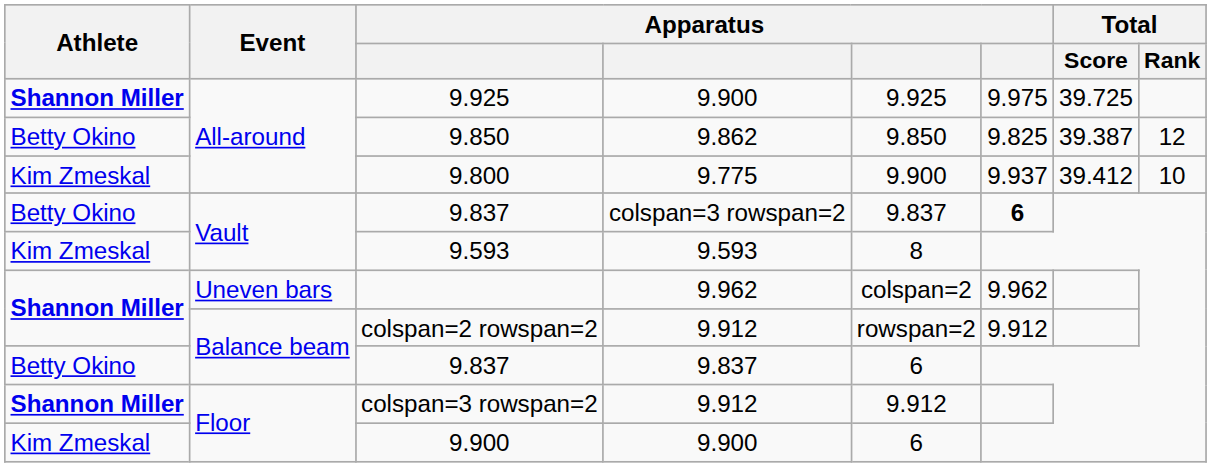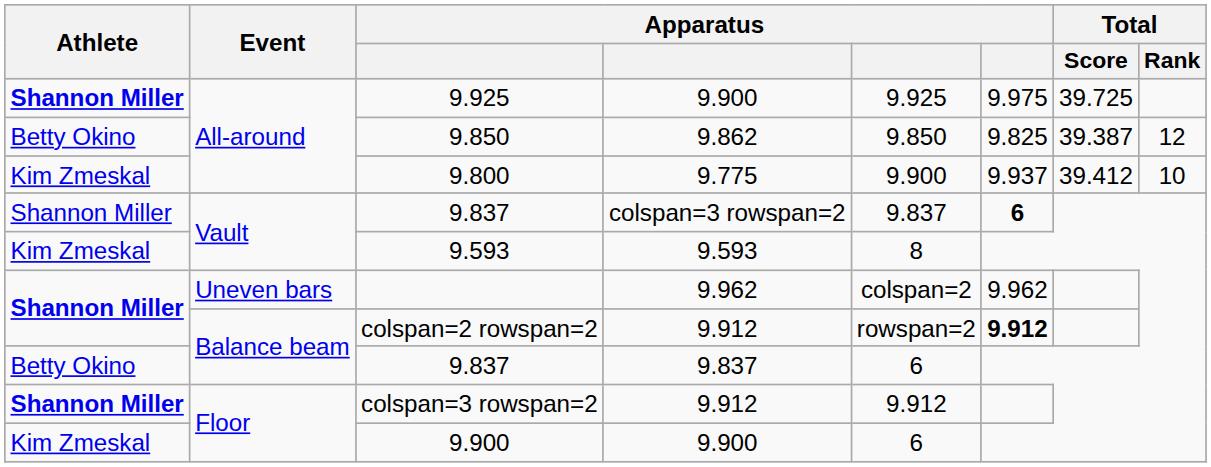 <table class=wikitable style=font-size:90%;text-align:center>
 <tr>
 <th rowspan=2>Athlete</th>
 <th rowspan=2>Event</th>
 <th colspan=4>Apparatus</th>
 <th colspan=2>Total</th>
 </tr>
 <tr style=font-size:95%>
 <th></th>
 <th></th>
 <th></th>
 <th></th>
 <th>Score</th>
 <th>Rank</th>
 </tr>
 <tr>
 <td align=left><strong><a href='#'>Shannon Miller</a></strong></td>
 <td align=left rowspan=3><a href='#'>All-around</a></td>
 <td>9.925</td>
 <td>9.900</td>
 <td>9.925</td>
 <td>9.975</td>
 <td>39.725</td>
 <td></td>
 </tr>
 <tr>
 <td align=left><a href='#'>Betty Okino</a></td>
 <td>9.850</td>
 <td>9.862</td>
 <td>9.850</td>
 <td>9.825</td>
 <td>39.387</td>
 <td>12</td>
 </tr>
 <tr>
 <td align=left><a href='#'>Kim Zmeskal</a></td>
 <td>9.800</td>
 <td>9.775</td>
 <td>9.900</td>
 <td>9.937</td>
 <td>39.412</td>
 <td>10</td>
 </tr>
 <tr>
-<td align=left><a href='#'>Betty Okino</a></td>
+<td align=left><a href='#'>Shannon Miller</a></td>
 <td align=left rowspan=2><a href='#'>Vault</a></td>
 <td>9.837</td>
 <td>colspan=3 rowspan=2 </td>
 <td>9.837</td>
 <td><strong>6</strong></td>
 </tr>
 <tr>
 <td align=left><a href='#'>Kim Zmeskal</a></td>
 <td>9.593</td>
 <td>9.593</td>
 <td>8</td>
 </tr>
 <tr>
 <td align=left rowspan=2><strong><a href='#'>Shannon Miller</a></strong></td>
 <td align=left><a href='#'>Uneven bars</a></td>
 <td></td>
 <td>9.962</td>
 <td>colspan=2 </td>
 <td>9.962</td>
 <td></td>
 </tr>
 <tr>
 <td align=left rowspan=2><a href='#'>Balance beam</a></td>
 <td>colspan=2 rowspan=2 </td>
 <td>9.912</td>
 <td>rowspan=2 </td>
-<td>9.912</td>
+<td><strong>9.912</strong></td>
 <td></td>
 </tr>
 <tr>
 <td align=left><a href='#'>Betty Okino</a></td>
 <td>9.837</td>
 <td>9.837</td>
 <td>6</td>
 </tr>
 <tr>
 <td align=left><strong><a href='#'>Shannon Miller</a></strong></td>
 <td align=left rowspan=2><a href='#'>Floor</a></td>
 <td>colspan=3 rowspan=2 </td>
 <td>9.912</td>
 <td>9.912</td>
 <td></td>
 </tr>
 <tr>
 <td align=left><a href='#'>Kim Zmeskal</a></td>
 <td>9.900</td>
 <td>9.900</td>
 <td>6</td>
 </tr>
 </table>
